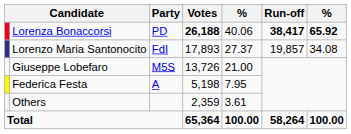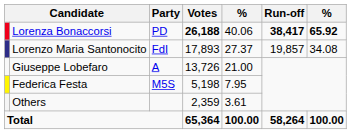 <table class="wikitable" style="font-size:95%">
 <tr style="background:#efefef;">
 <th colspan=2>Candidate</th>
 <th>Party</th>
 <th>Votes</th>
 <th>%</th>
 <th>Run-off</th>
 <th>%</th>
 </tr>
 <tr>
 <td bgcolor="#F0001C"></td>
 <td><a href='#'>Lorenza Bonaccorsi</a></td>
 <td><a href='#'>PD</a></td>
 <td align=right><strong>26,188</strong></td>
 <td>40.06</td>
 <td align=right><strong>38,417</strong></td>
 <td><strong>65.92</strong></td>
 </tr>
 <tr>
 <td bgcolor="#2E2D88"></td>
 <td>Lorenzo Maria Santonocito</td>
 <td><a href='#'>FdI</a></td>
 <td align=right>17,893</td>
 <td>27.37</td>
 <td align=right>19,857</td>
 <td>34.08</td>
 </tr>
 <tr>
 <td></td>
 <td>Giuseppe Lobefaro</td>
-<td><a href='#'>M5S</a></td>
+<td><a href='#'>A</a></td>
 <td align=right>13,726</td>
 <td>21.00</td>
 </tr>
 <tr>
 <td bgcolor="#FFF500"></td>
 <td>Federica Festa</td>
-<td><a href='#'>A</a></td>
+<td><a href='#'>M5S</a></td>
 <td align=right>5,198</td>
 <td>7.95</td>
 </tr>
 <tr>
 <td bgcolor="#F5F5F5"></td>
 <td>Others</td>
 <td></td>
 <td align=right>2,359</td>
 <td>3.61</td>
 </tr>
 <tr>
 <td align="left" colspan=3><strong>Total</strong></td>
 <td align="right"><strong>65,364</strong></td>
 <td align="right"><strong>100.00</strong></td>
 <td align="right"><strong>58,264</strong></td>
 <td align="right"><strong>100.00</strong></td>
 </tr>
 </table>
